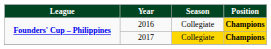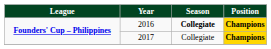 <table class="wikitable" style="text-align:center; font-size:10pt;">
 <tr style="background: #014421; font-weight:bold;">
 <td style="width:14em;color:#FFFFFF">League</td>
 <td style="width:6em;color:#FFFFFF">Year</td>
 <td style="width:6em;color:#FFFFFF">Season</td>
 <td style="width:4em;color:#FFFFFF">Position</td>
 </tr>
 <tr>
 <td rowspan="2"><strong><a href='#'>Founders' Cup – Philippines</a></strong></td>
 <td>2016</td>
-<td align="center">Collegiate</td>
+<td align="center"><strong>Collegiate</strong></td>
 <td bgcolor="gold"><strong>Champions</strong></td>
 </tr>
 <tr>
 <td>2017</td>
-<td align="center" style="background: gold;">Collegiate</td>
+<td align="center">Collegiate</td>
 <td bgcolor="gold"><strong>Champions</strong></td>
 </tr>
 <tr>
 </tr>
 </table>
